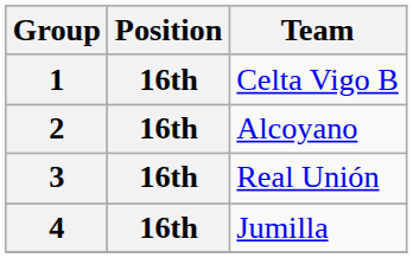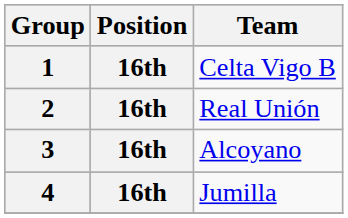 <table class="wikitable">
 <tr>
 <th>Group</th>
 <th>Position</th>
 <th>Team</th>
 </tr>
 <tr>
 <th>1</th>
 <th>16th</th>
 <td><a href='#'>Celta Vigo B</a></td>
 </tr>
 <tr>
 <th>2</th>
 <th>16th</th>
-<td><a href='#'>Alcoyano</a></td>
+<td><a href='#'>Real Unión</a></td>
 </tr>
 <tr>
 <th>3</th>
 <th>16th</th>
-<td><a href='#'>Real Unión</a></td>
+<td><a href='#'>Alcoyano</a></td>
 </tr>
 <tr>
 <th>4</th>
 <th>16th</th>
 <td><a href='#'>Jumilla</a></td>
 </tr>
 <tr>
 </tr>
 </table>
